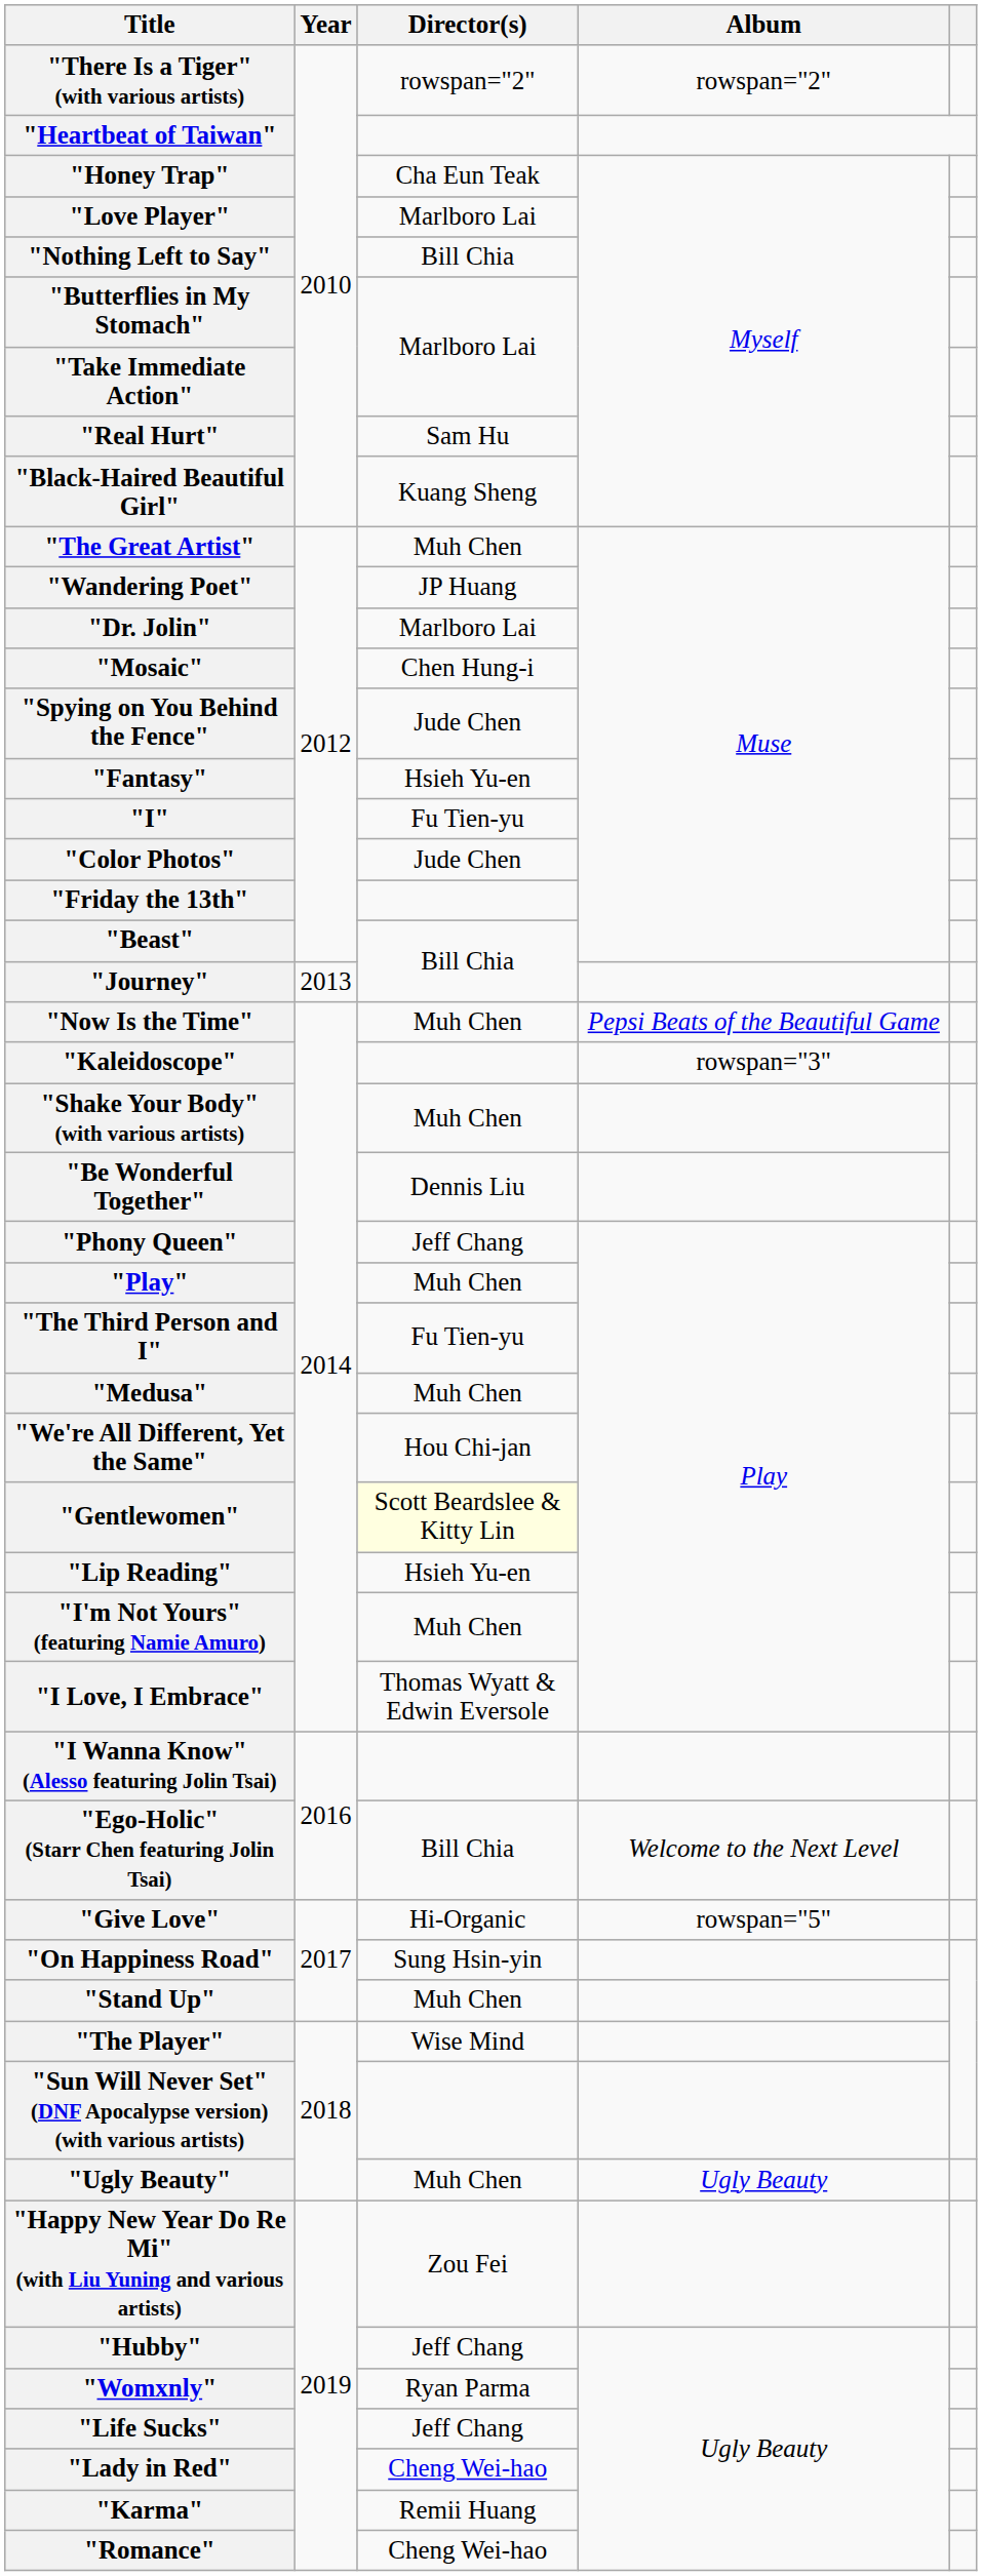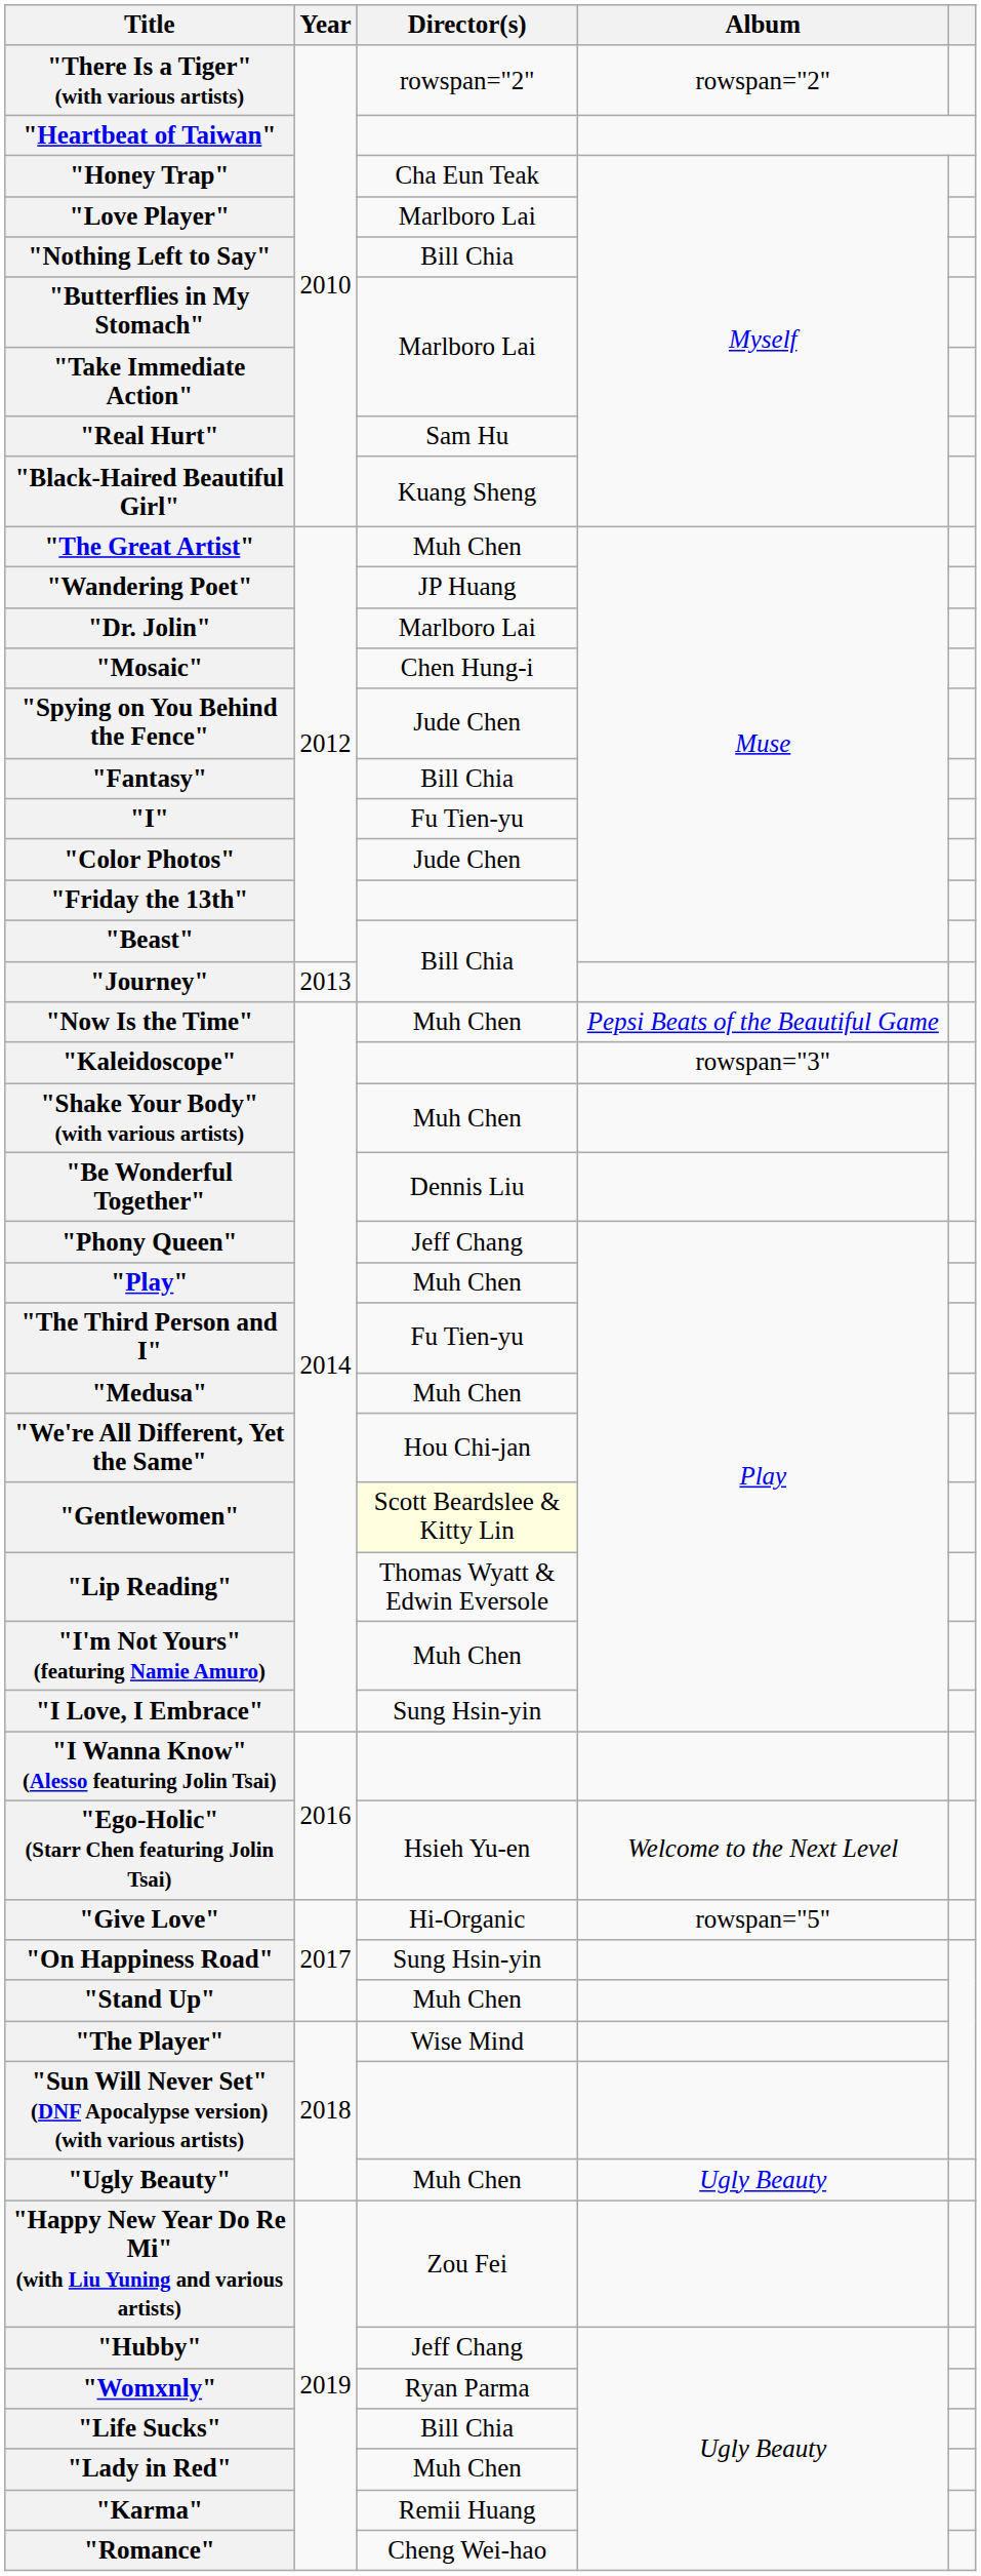 <table class="wikitable sortable plainrowheaders" style="text-align:center;">
 <tr>
 <th scope="col" style="width:20em;">Title</th>
 <th scope="col" style="width:2em;">Year</th>
 <th scope="col" style="width:15em;">Director(s)</th>
 <th scope="col" style="width:35em;">Album</th>
 <th scope="col" style="width:2em;" class="unsortable"></th>
 </tr>
 <tr>
 <th scope="row">"There Is a Tiger"<br><small>(with various artists)</small></th>
 <td rowspan="9">2010</td>
 <td>rowspan="2" </td>
 <td>rowspan="2" </td>
 <td></td>
 </tr>
 <tr>
 <th scope="row">"<a href='#'>Heartbeat of Taiwan</a>"</th>
 <td></td>
 </tr>
 <tr>
 <th scope="row">"Honey Trap"</th>
 <td>Cha Eun Teak</td>
 <td rowspan="7"><em><a href='#'>Myself</a></em></td>
 <td></td>
 </tr>
 <tr>
 <th scope="row">"Love Player"</th>
 <td>Marlboro Lai</td>
 <td></td>
 </tr>
 <tr>
 <th scope="row">"Nothing Left to Say"</th>
 <td>Bill Chia</td>
 <td></td>
 </tr>
 <tr>
 <th scope="row">"Butterflies in My Stomach"</th>
 <td rowspan="2">Marlboro Lai</td>
 <td></td>
 </tr>
 <tr>
 <th scope="row">"Take Immediate Action"</th>
 <td></td>
 </tr>
 <tr>
 <th scope="row">"Real Hurt"</th>
 <td>Sam Hu</td>
 <td></td>
 </tr>
 <tr>
 <th scope="row">"Black-Haired Beautiful Girl"</th>
 <td>Kuang Sheng</td>
 <td></td>
 </tr>
 <tr>
 <th scope="row">"<a href='#'>The Great Artist</a>"</th>
 <td rowspan="10">2012</td>
 <td>Muh Chen</td>
 <td rowspan="10"><em><a href='#'>Muse</a></em></td>
 <td></td>
 </tr>
 <tr>
 <th scope="row">"Wandering Poet"</th>
 <td>JP Huang</td>
 <td></td>
 </tr>
 <tr>
 <th scope="row">"Dr. Jolin"</th>
 <td>Marlboro Lai</td>
 <td></td>
 </tr>
 <tr>
 <th scope="row">"Mosaic"</th>
 <td>Chen Hung-i</td>
 <td></td>
 </tr>
 <tr>
 <th scope="row">"Spying on You Behind the Fence"</th>
 <td>Jude Chen</td>
 <td></td>
 </tr>
 <tr>
 <th scope="row">"Fantasy"</th>
-<td>Hsieh Yu-en</td>
+<td>Bill Chia</td>
 <td></td>
 </tr>
 <tr>
 <th scope="row">"I"</th>
 <td>Fu Tien-yu</td>
 <td></td>
 </tr>
 <tr>
 <th scope="row">"Color Photos"</th>
 <td>Jude Chen</td>
 <td></td>
 </tr>
 <tr>
 <th scope="row">"Friday the 13th"</th>
 <td></td>
 <td></td>
 </tr>
 <tr>
 <th scope="row">"Beast"</th>
 <td rowspan="2">Bill Chia</td>
 <td></td>
 </tr>
 <tr>
 <th scope="row">"Journey"</th>
 <td>2013</td>
 <td></td>
 <td></td>
 </tr>
 <tr>
 <th scope="row">"Now Is the Time"</th>
 <td rowspan="13">2014</td>
 <td>Muh Chen</td>
 <td><em><a href='#'>Pepsi Beats of the Beautiful Game</a></em></td>
 <td></td>
 </tr>
 <tr>
 <th scope="row">"Kaleidoscope"</th>
 <td></td>
 <td>rowspan="3" </td>
 <td></td>
 </tr>
 <tr>
 <th scope="row">"Shake Your Body"<br><small>(with various artists)</small></th>
 <td>Muh Chen</td>
 <td></td>
 </tr>
 <tr>
 <th scope="row">"Be Wonderful Together"</th>
 <td>Dennis Liu</td>
 <td></td>
 </tr>
 <tr>
 <th scope="row">"Phony Queen"</th>
 <td>Jeff Chang</td>
 <td rowspan="9"><em><a href='#'>Play</a></em></td>
 <td></td>
 </tr>
 <tr>
 <th scope="row">"<a href='#'>Play</a>"</th>
 <td>Muh Chen</td>
 <td></td>
 </tr>
 <tr>
 <th scope="row">"The Third Person and I"</th>
 <td>Fu Tien-yu</td>
 <td></td>
 </tr>
 <tr>
 <th scope="row">"Medusa"</th>
 <td>Muh Chen</td>
 <td></td>
 </tr>
 <tr>
 <th scope="row">"We're All Different, Yet the Same"</th>
 <td>Hou Chi-jan</td>
 <td></td>
 </tr>
 <tr>
 <th scope="row">"Gentlewomen"</th>
 <td style="background: lightyellow;">Scott Beardslee & Kitty Lin</td>
 <td></td>
 </tr>
 <tr>
 <th scope="row">"Lip Reading"</th>
-<td>Hsieh Yu-en</td>
+<td>Thomas Wyatt & Edwin Eversole</td>
 <td></td>
 </tr>
 <tr>
 <th scope="row">"I'm Not Yours"<br><small>(featuring <a href='#'>Namie Amuro</a>)</small></th>
 <td>Muh Chen</td>
 <td></td>
 </tr>
 <tr>
 <th scope="row">"I Love, I Embrace"</th>
-<td>Thomas Wyatt & Edwin Eversole</td>
+<td>Sung Hsin-yin</td>
 <td></td>
 </tr>
 <tr>
 <th scope="row">"I Wanna Know"<br><small>(<a href='#'>Alesso</a> featuring Jolin Tsai)</small></th>
 <td rowspan="2">2016</td>
 <td></td>
 <td></td>
 <td></td>
 </tr>
 <tr>
 <th scope="row">"Ego-Holic"<br><small>(Starr Chen featuring Jolin Tsai)</small></th>
-<td>Bill Chia</td>
+<td>Hsieh Yu-en</td>
 <td><em>Welcome to the Next Level</em></td>
 <td></td>
 </tr>
 <tr>
 <th scope="row">"Give Love"</th>
 <td rowspan="3">2017</td>
 <td>Hi-Organic</td>
 <td>rowspan="5" </td>
 <td></td>
 </tr>
 <tr>
 <th scope="row">"On Happiness Road"</th>
 <td>Sung Hsin-yin</td>
 <td></td>
 </tr>
 <tr>
 <th scope="row">"Stand Up"</th>
 <td>Muh Chen</td>
 <td></td>
 </tr>
 <tr>
 <th scope="row">"The Player"</th>
 <td rowspan="3">2018</td>
 <td>Wise Mind</td>
 <td></td>
 </tr>
 <tr>
 <th scope="row">"Sun Will Never Set" <small>(<a href='#'>DNF</a> Apocalypse version)</small><br><small>(with various artists)</small></th>
 <td></td>
 <td></td>
 </tr>
 <tr>
 <th scope="row">"Ugly Beauty"</th>
 <td>Muh Chen</td>
 <td><em><a href='#'>Ugly Beauty</a></em></td>
 <td></td>
 </tr>
 <tr>
 <th scope="row">"Happy New Year Do Re Mi"<br><small>(with <a href='#'>Liu Yuning</a> and various artists)</small></th>
 <td rowspan="7">2019</td>
 <td>Zou Fei</td>
 <td></td>
 <td></td>
 </tr>
 <tr>
 <th scope="row">"Hubby"</th>
 <td>Jeff Chang</td>
 <td rowspan="6"><em>Ugly Beauty</em></td>
 <td></td>
 </tr>
 <tr>
 <th scope="row">"<a href='#'>Womxnly</a>"</th>
 <td>Ryan Parma</td>
 <td></td>
 </tr>
 <tr>
 <th scope="row">"Life Sucks"</th>
-<td>Jeff Chang</td>
+<td>Bill Chia</td>
 <td></td>
 </tr>
 <tr>
 <th scope="row">"Lady in Red"</th>
-<td><a href='#'>Cheng Wei-hao</a></td>
+<td>Muh Chen</td>
 <td></td>
 </tr>
 <tr>
 <th scope="row">"Karma"</th>
 <td>Remii Huang</td>
 <td></td>
 </tr>
 <tr>
 <th scope="row">"Romance"</th>
 <td>Cheng Wei-hao</td>
 <td></td>
 </tr>
 </table>
